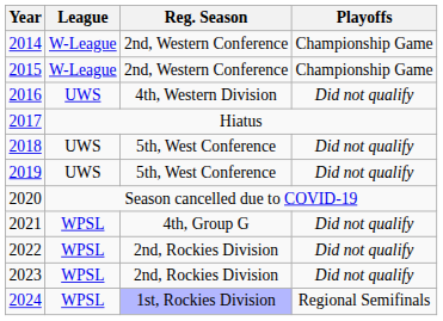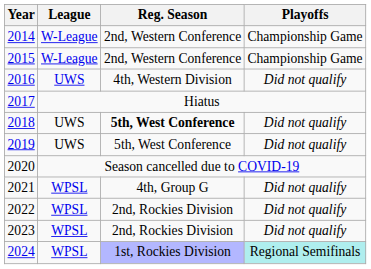 <table class="wikitable" style="text-align:center">
 <tr>
 <th>Year</th>
 <th>League</th>
 <th>Reg. Season</th>
 <th>Playoffs</th>
 </tr>
 <tr>
 <td><a href='#'>2014</a></td>
 <td><a href='#'>W-League</a></td>
 <td>2nd, Western Conference</td>
 <td>Championship Game</td>
 </tr>
 <tr>
 <td><a href='#'>2015</a></td>
 <td><a href='#'>W-League</a></td>
 <td>2nd, Western Conference</td>
 <td>Championship Game</td>
 </tr>
 <tr>
 <td><a href='#'>2016</a></td>
 <td><a href='#'>UWS</a></td>
 <td>4th, Western Division</td>
 <td><em>Did not qualify</em></td>
 </tr>
 <tr>
 <td><a href='#'>2017</a></td>
 <td colspan=3>Hiatus</td>
 </tr>
 <tr>
 <td><a href='#'>2018</a></td>
 <td>UWS</td>
-<td>5th, West Conference</td>
+<td><strong>5th, West Conference</strong></td>
 <td><em>Did not qualify</em></td>
 </tr>
 <tr>
 <td><a href='#'>2019</a></td>
 <td>UWS</td>
 <td>5th, West Conference</td>
 <td><em>Did not qualify</em></td>
 </tr>
 <tr>
 <td>2020</td>
 <td colspan=3 style=text-align:center>Season cancelled due to <a href='#'>COVID-19</a></td>
 </tr>
 <tr>
 <td>2021</td>
 <td><a href='#'>WPSL</a></td>
 <td>4th, Group G</td>
 <td><em>Did not qualify</em></td>
 </tr>
 <tr>
 <td>2022</td>
 <td><a href='#'>WPSL</a></td>
 <td>2nd, Rockies Division</td>
 <td><em>Did not qualify</em></td>
 </tr>
 <tr>
 <td>2023</td>
 <td><a href='#'>WPSL</a></td>
 <td>2nd, Rockies Division</td>
 <td><em>Did not qualify</em></td>
 </tr>
 <tr>
 <td><a href='#'>2024</a></td>
 <td><a href='#'>WPSL</a></td>
 <td bgcolor="B3B7FF">1st, Rockies Division</td>
-<td>Regional Semifinals</td>
+<td style="background: paleturquoise;">Regional Semifinals</td>
 </tr>
 </table>
